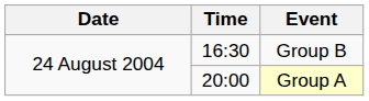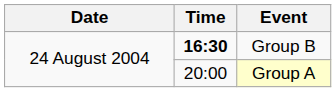 <table class = "wikitable" style="text-align:center;">
 <tr>
 <th width=150>Date</th>
 <th width=50>Time</th>
 <th width=80>Event</th>
 </tr>
 <tr>
 <td rowspan=2>24 August 2004</td>
-<td>16:30</td>
+<td><strong>16:30</strong></td>
 <td>Group B</td>
 </tr>
 <tr>
 <td>20:00</td>
 <td bgcolor=ffffcc>Group A</td>
 </tr>
 </table>
